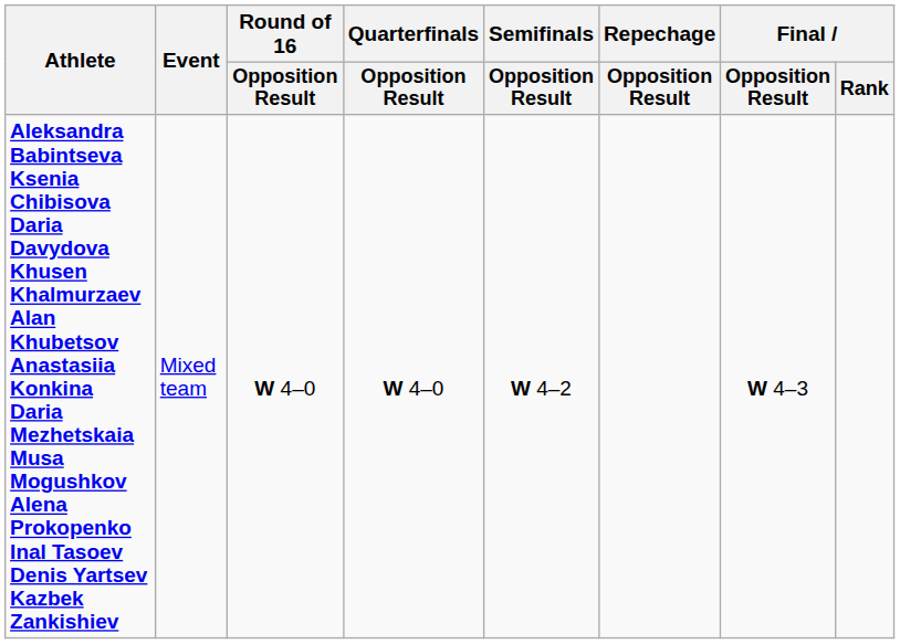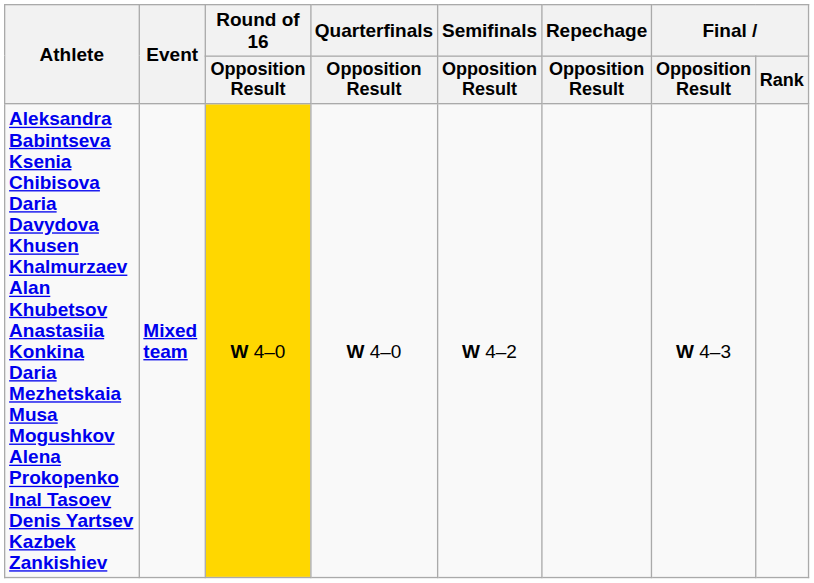 <table class="wikitable" style="text-align:center; font-size:90%">
 <tr>
 <th rowspan=2>Athlete</th>
 <th rowspan=2>Event</th>
 <th>Round of 16</th>
 <th>Quarterfinals</th>
 <th>Semifinals</th>
 <th>Repechage</th>
 <th colspan=2>Final / </th>
 </tr>
 <tr style="font-size:95%">
 <th>Opposition<br>Result</th>
 <th>Opposition<br>Result</th>
 <th>Opposition<br>Result</th>
 <th>Opposition<br>Result</th>
 <th>Opposition<br>Result</th>
 <th>Rank</th>
 </tr>
 <tr>
 <td align=left><strong><a href='#'>Aleksandra Babintseva</a><br><a href='#'>Ksenia Chibisova</a><br><a href='#'>Daria Davydova</a><br><a href='#'>Khusen Khalmurzaev</a><br><a href='#'>Alan Khubetsov</a><br><a href='#'>Anastasiia Konkina</a><br><a href='#'>Daria Mezhetskaia</a><br><a href='#'>Musa Mogushkov</a><br><a href='#'>Alena Prokopenko</a><br><a href='#'>Inal Tasoev</a><br><a href='#'>Denis Yartsev</a><br><a href='#'>Kazbek Zankishiev</a></strong></td>
-<td align=left><a href='#'>Mixed team</a></td>
-<td><br><strong>W</strong> 4–0</td>
+<td align=left><strong><a href='#'>Mixed team</a></strong></td>
+<td style="background: gold;"><br><strong>W</strong> 4–0</td>
 <td><br><strong>W</strong> 4–0</td>
 <td><br><strong>W</strong> 4–2</td>
 <td></td>
 <td><br><strong>W</strong> 4–3</td>
 <td></td>
 </tr>
 </table>
